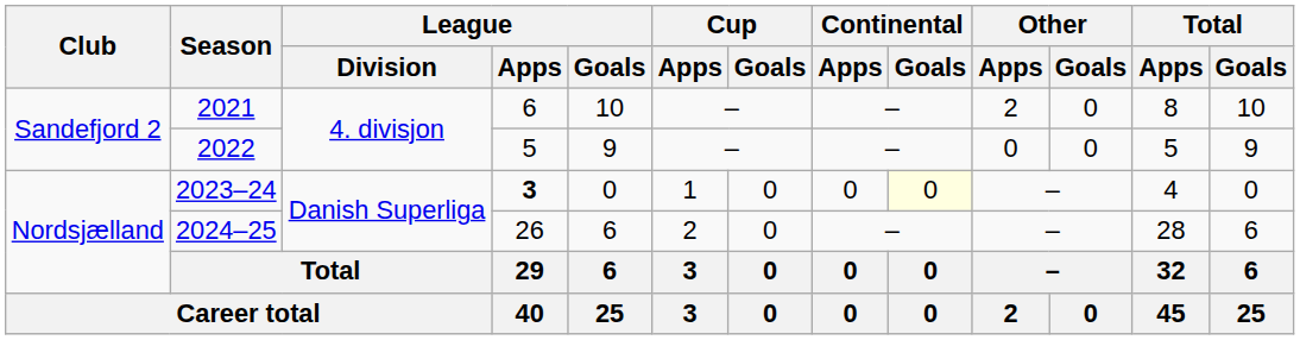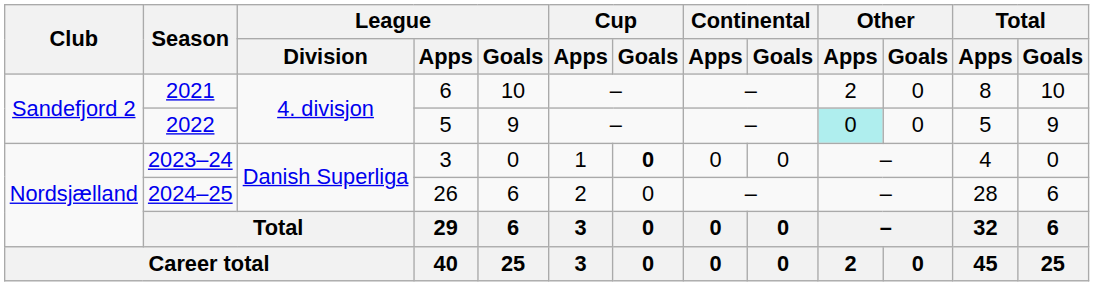 <table class="wikitable" style="text-align: center">
 <tr>
 <th rowspan=2>Club</th>
 <th rowspan=2>Season</th>
 <th colspan=3>League</th>
 <th colspan=2>Cup</th>
 <th colspan=2>Continental</th>
 <th colspan=2>Other</th>
 <th colspan=2>Total</th>
 </tr>
 <tr>
 <th>Division</th>
 <th>Apps</th>
 <th>Goals</th>
 <th>Apps</th>
 <th>Goals</th>
 <th>Apps</th>
 <th>Goals</th>
 <th>Apps</th>
 <th>Goals</th>
 <th>Apps</th>
 <th>Goals</th>
 </tr>
 <tr>
 <td rowspan=2><a href='#'>Sandefjord 2</a></td>
 <td><a href='#'>2021</a></td>
 <td rowspan=2><a href='#'>4. divisjon</a></td>
 <td>6</td>
 <td>10</td>
 <td colspan="2">–</td>
 <td colspan="2">–</td>
 <td>2</td>
 <td>0</td>
 <td>8</td>
 <td>10</td>
 </tr>
 <tr>
 <td><a href='#'>2022</a></td>
 <td>5</td>
 <td>9</td>
 <td colspan="2">–</td>
 <td colspan="2">–</td>
-<td>0</td>
+<td style="background: paleturquoise;">0</td>
 <td>0</td>
 <td>5</td>
 <td>9</td>
 </tr>
 <tr>
 <td rowspan=3><a href='#'>Nordsjælland</a></td>
 <td><a href='#'>2023–24</a></td>
 <td rowspan=2><a href='#'>Danish Superliga</a></td>
-<td><strong>3</strong></td>
+<td>3</td>
 <td>0</td>
 <td>1</td>
+<td><strong>0</strong></td>
 <td>0</td>
 <td>0</td>
-<td style="background: lightyellow;">0</td>
 <td colspan="2">–</td>
 <td>4</td>
 <td>0</td>
 </tr>
 <tr>
 <td><a href='#'>2024–25</a></td>
 <td>26</td>
 <td>6</td>
 <td>2</td>
 <td>0</td>
 <td colspan="2">–</td>
 <td colspan="2">–</td>
 <td>28</td>
 <td>6</td>
 </tr>
 <tr>
 <th colspan="2">Total</th>
 <th>29</th>
 <th>6</th>
 <th>3</th>
 <th>0</th>
 <th>0</th>
 <th>0</th>
 <th colspan="2">–</th>
 <th>32</th>
 <th>6</th>
 </tr>
 <tr>
 <th colspan="3"><strong>Career total</strong></th>
 <th>40</th>
 <th>25</th>
 <th>3</th>
 <th>0</th>
 <th>0</th>
 <th>0</th>
 <th>2</th>
 <th>0</th>
 <th>45</th>
 <th>25</th>
 </tr>
 </table>
